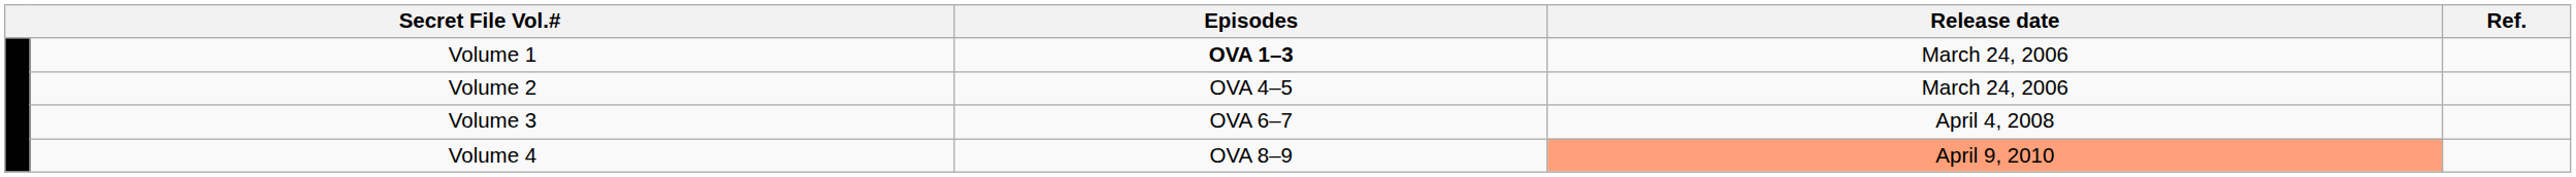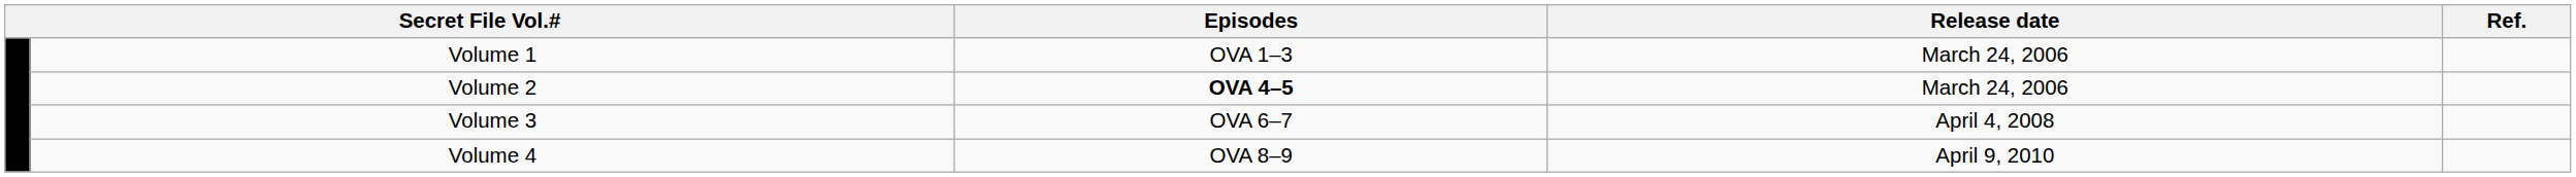 <table class="wikitable" style="text-align: center; width: 98%;">
 <tr>
 <th colspan="2">Secret File Vol.#</th>
 <th>Episodes</th>
 <th>Release date</th>
 <th width="5%">Ref.</th>
 </tr>
 <tr>
 <td rowspan="4" width="1%" style="background: #000000;"></td>
 <td>Volume 1</td>
-<td><strong>OVA 1–3</strong></td>
+<td>OVA 1–3</td>
 <td>March 24, 2006</td>
 <td></td>
 </tr>
 <tr>
 <td>Volume 2</td>
-<td>OVA 4–5</td>
+<td><strong>OVA 4–5</strong></td>
 <td>March 24, 2006</td>
 <td></td>
 </tr>
 <tr>
 <td>Volume 3</td>
 <td>OVA 6–7</td>
 <td>April 4, 2008</td>
 <td></td>
 </tr>
 <tr>
 <td>Volume 4</td>
 <td>OVA 8–9</td>
-<td style="background: lightsalmon;">April 9, 2010</td>
+<td>April 9, 2010</td>
 <td></td>
 </tr>
 </table>
